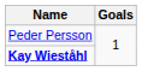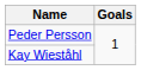 <table class="wikitable">
 <tr>
 <th>Name</th>
 <th>Goals</th>
 </tr>
 <tr>
 <td> <a href='#'>Peder Persson</a></td>
 <td rowspan="2" style="text-align:center;">1</td>
 </tr>
 <tr>
-<td><strong> <a href='#'>Kay Wieståhl</a></strong></td>
+<td> <a href='#'>Kay Wieståhl</a></td>
 </tr>
 </table>
